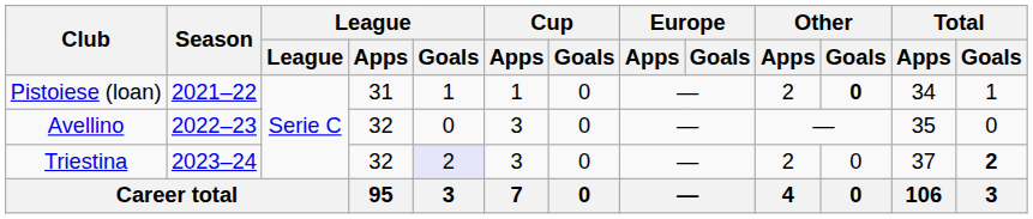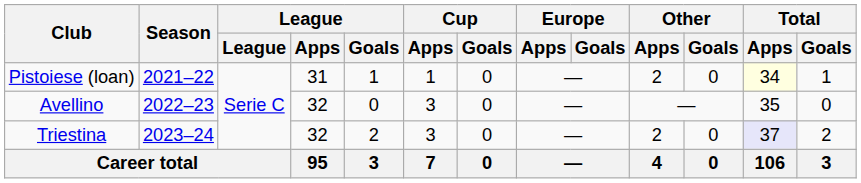 <table class="wikitable" style="text-align: center;">
 <tr>
 <th rowspan="2">Club</th>
 <th rowspan="2">Season</th>
 <th colspan="3">League</th>
 <th colspan="2">Cup</th>
 <th colspan="2">Europe</th>
 <th colspan="2">Other</th>
 <th colspan="2">Total</th>
 </tr>
 <tr>
 <th>League</th>
 <th>Apps</th>
 <th>Goals</th>
 <th>Apps</th>
 <th>Goals</th>
 <th>Apps</th>
 <th>Goals</th>
 <th>Apps</th>
 <th>Goals</th>
 <th>Apps</th>
 <th>Goals</th>
 </tr>
 <tr>
 <td><a href='#'>Pistoiese</a> (loan)</td>
 <td><a href='#'>2021–22</a></td>
 <td rowspan="3"><a href='#'>Serie C</a></td>
 <td>31</td>
 <td>1</td>
 <td>1</td>
 <td>0</td>
 <td colspan="2">—</td>
 <td>2</td>
-<td><strong>0</strong></td>
-<td>34</td>
+<td>0</td>
+<td style="background: lightyellow;">34</td>
 <td>1</td>
 </tr>
 <tr>
 <td><a href='#'>Avellino</a></td>
 <td><a href='#'>2022–23</a></td>
 <td>32</td>
 <td>0</td>
 <td>3</td>
 <td>0</td>
 <td colspan="2">—</td>
 <td colspan="2">—</td>
 <td>35</td>
 <td>0</td>
 </tr>
 <tr>
 <td><a href='#'>Triestina</a></td>
 <td><a href='#'>2023–24</a></td>
 <td>32</td>
-<td style="background: lavender;">2</td>
+<td>2</td>
 <td>3</td>
 <td>0</td>
 <td colspan="2">—</td>
 <td>2</td>
 <td>0</td>
-<td>37</td>
-<td><strong>2</strong></td>
+<td style="background: lavender;">37</td>
+<td>2</td>
 </tr>
 <tr>
 <th colspan="3">Career total</th>
 <th>95</th>
 <th>3</th>
 <th>7</th>
 <th>0</th>
 <th colspan="2">—</th>
 <th>4</th>
 <th>0</th>
 <th>106</th>
 <th>3</th>
 </tr>
 </table>
